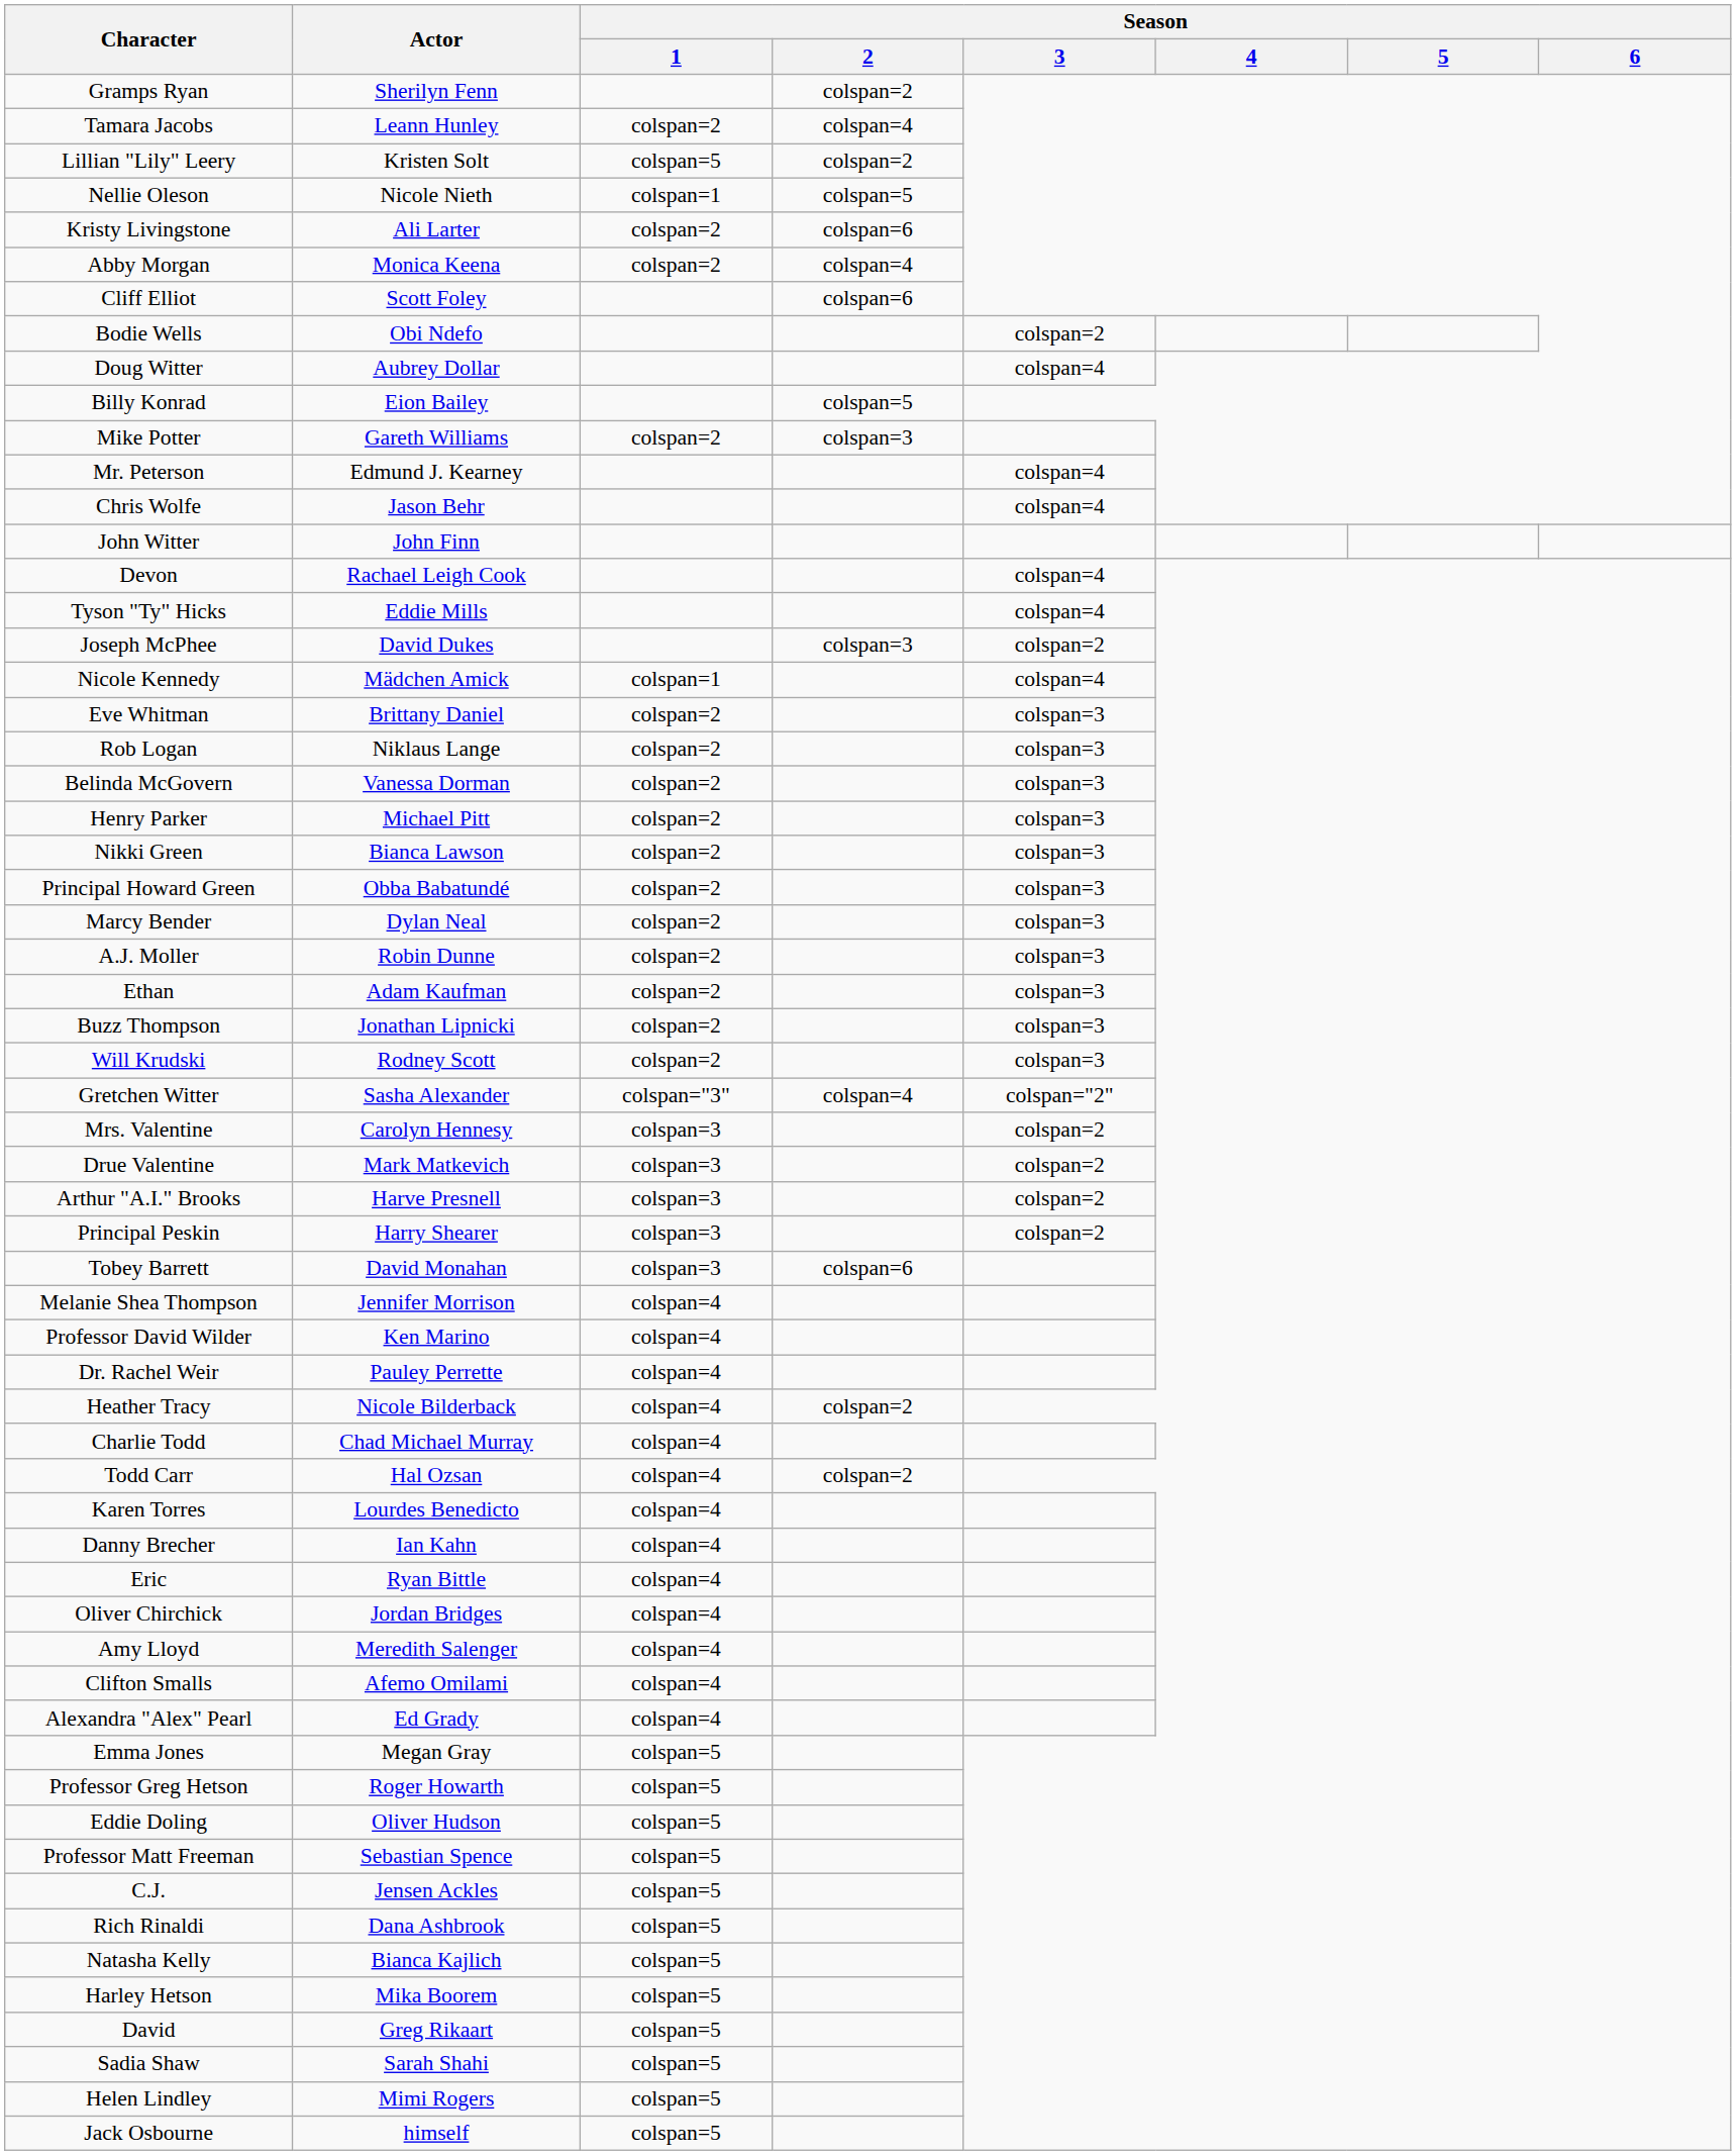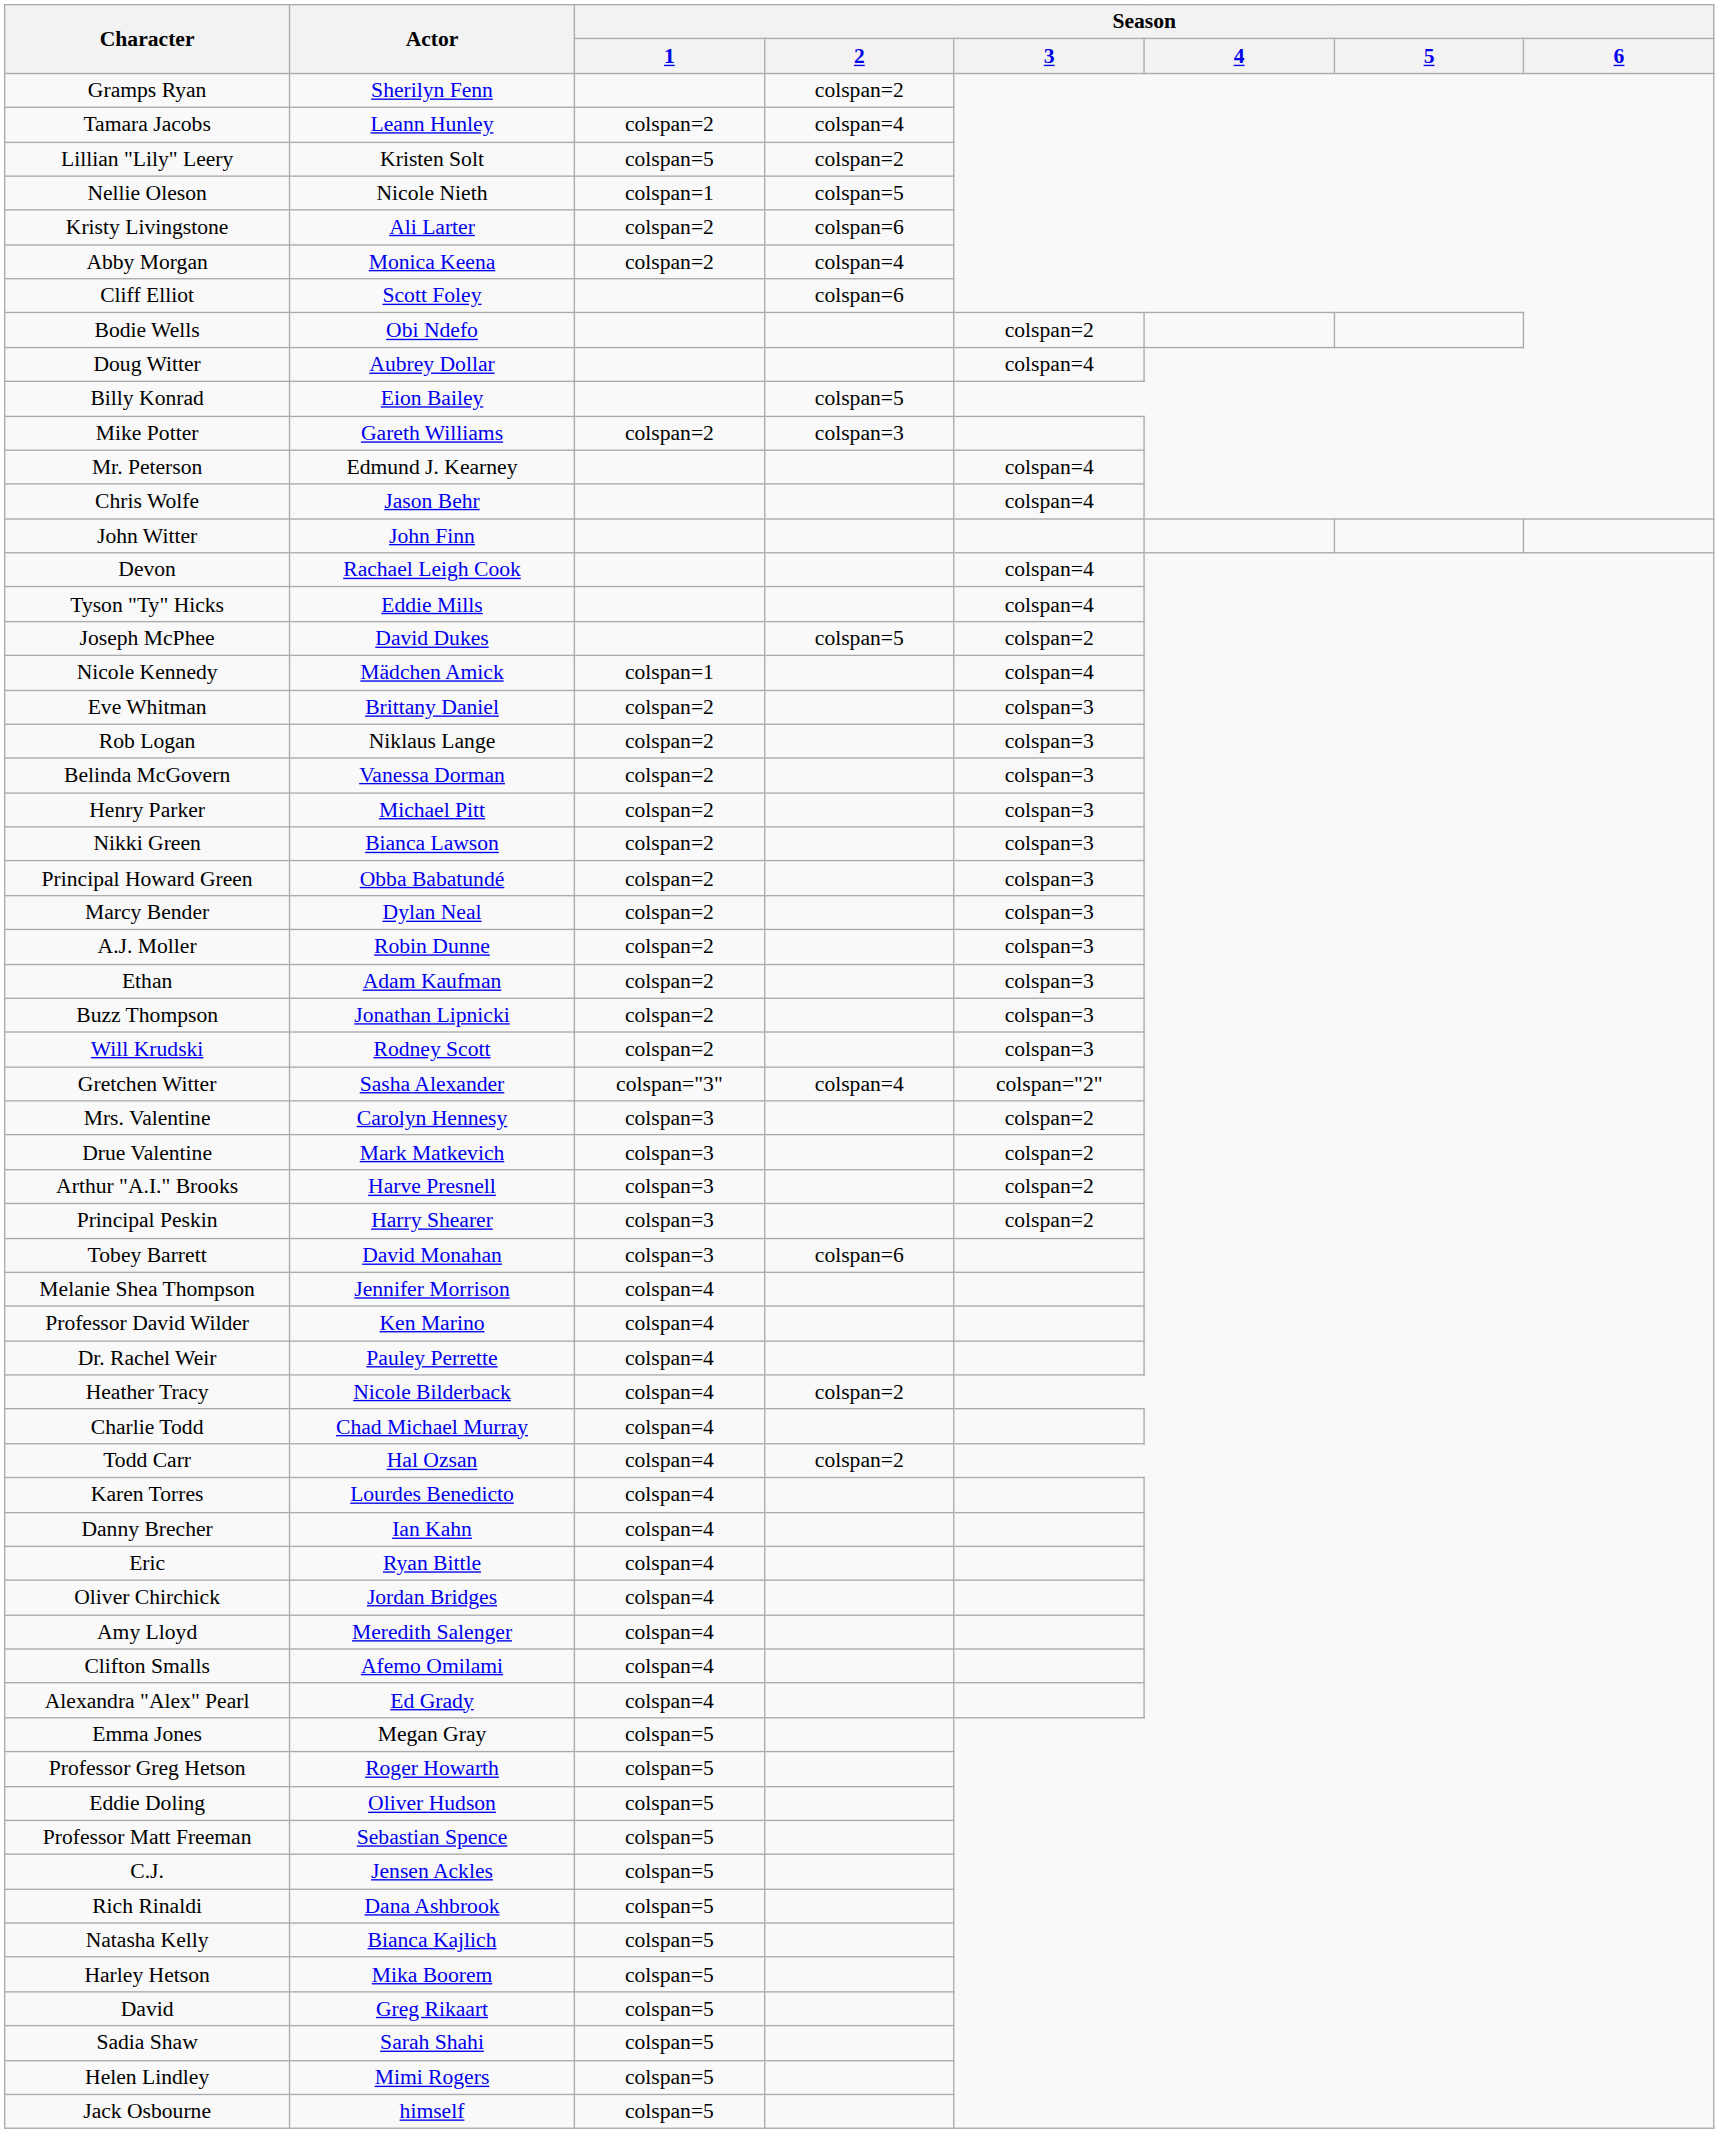 <table class="wikitable" style="text-align:center; width:80%;">
 <tr>
 <th rowspan="2" width="15%">Character</th>
 <th rowspan="2" width="15%">Actor</th>
 <th colspan="6">Season</th>
 </tr>
 <tr>
 <th width="10%"><a href='#'>1</a></th>
 <th width="10%"><a href='#'>2</a></th>
 <th width="10%"><a href='#'>3</a></th>
 <th width="10%"><a href='#'>4</a></th>
 <th width="10%"><a href='#'>5</a></th>
 <th width="10%"><a href='#'>6</a></th>
 </tr>
 <tr>
 <td>Gramps Ryan</td>
 <td><a href='#'>Sherilyn Fenn</a></td>
 <td></td>
 <td>colspan=2 </td>
 </tr>
 <tr>
 <td>Tamara Jacobs</td>
 <td><a href='#'>Leann Hunley</a></td>
 <td>colspan=2 </td>
 <td>colspan=4 </td>
 </tr>
 <tr>
 <td>Lillian "Lily" Leery</td>
 <td>Kristen Solt</td>
 <td>colspan=5 </td>
 <td>colspan=2 </td>
 </tr>
 <tr>
 <td>Nellie Oleson</td>
 <td>Nicole Nieth</td>
 <td>colspan=1 </td>
 <td>colspan=5 </td>
 </tr>
 <tr>
 <td>Kristy Livingstone</td>
 <td><a href='#'>Ali Larter</a></td>
 <td>colspan=2 </td>
 <td>colspan=6 </td>
 </tr>
 <tr>
 <td>Abby Morgan</td>
 <td><a href='#'>Monica Keena</a></td>
 <td>colspan=2 </td>
 <td>colspan=4 </td>
 </tr>
 <tr>
 <td>Cliff Elliot</td>
 <td><a href='#'>Scott Foley</a></td>
 <td></td>
 <td>colspan=6 </td>
 </tr>
 <tr>
 <td>Bodie Wells</td>
 <td><a href='#'>Obi Ndefo</a></td>
 <td></td>
 <td></td>
 <td>colspan=2 </td>
 <td></td>
 <td></td>
 </tr>
 <tr>
 <td>Doug Witter</td>
 <td><a href='#'>Aubrey Dollar</a></td>
 <td></td>
 <td></td>
 <td>colspan=4 </td>
 </tr>
 <tr>
 <td>Billy Konrad</td>
 <td><a href='#'>Eion Bailey</a></td>
 <td></td>
 <td>colspan=5 </td>
 </tr>
 <tr>
 <td>Mike Potter</td>
 <td><a href='#'>Gareth Williams</a></td>
 <td>colspan=2 </td>
 <td>colspan=3 </td>
 <td></td>
 </tr>
 <tr>
 <td>Mr. Peterson</td>
 <td>Edmund J. Kearney</td>
 <td></td>
 <td></td>
 <td>colspan=4 </td>
 </tr>
 <tr>
 <td>Chris Wolfe</td>
 <td><a href='#'>Jason Behr</a></td>
 <td></td>
 <td></td>
 <td>colspan=4 </td>
 </tr>
 <tr>
 <td>John Witter</td>
 <td><a href='#'>John Finn</a></td>
 <td></td>
 <td></td>
 <td></td>
 <td></td>
 <td></td>
 <td></td>
 </tr>
 <tr>
 <td>Devon</td>
 <td><a href='#'>Rachael Leigh Cook</a></td>
 <td></td>
 <td></td>
 <td>colspan=4 </td>
 </tr>
 <tr>
 <td>Tyson "Ty" Hicks</td>
 <td><a href='#'>Eddie Mills</a></td>
 <td></td>
 <td></td>
 <td>colspan=4 </td>
 </tr>
 <tr>
 <td>Joseph McPhee</td>
 <td><a href='#'>David Dukes</a></td>
 <td></td>
-<td>colspan=3 </td>
+<td>colspan=5 </td>
 <td>colspan=2 </td>
 </tr>
 <tr>
 <td>Nicole Kennedy</td>
 <td><a href='#'>Mädchen Amick</a></td>
 <td>colspan=1 </td>
 <td></td>
 <td>colspan=4 </td>
 </tr>
 <tr>
 <td>Eve Whitman</td>
 <td><a href='#'>Brittany Daniel</a></td>
 <td>colspan=2 </td>
 <td></td>
 <td>colspan=3 </td>
 </tr>
 <tr>
 <td>Rob Logan</td>
 <td>Niklaus Lange</td>
 <td>colspan=2 </td>
 <td></td>
 <td>colspan=3 </td>
 </tr>
 <tr>
 <td>Belinda McGovern</td>
 <td><a href='#'>Vanessa Dorman</a></td>
 <td>colspan=2 </td>
 <td></td>
 <td>colspan=3 </td>
 </tr>
 <tr>
 <td>Henry Parker</td>
 <td><a href='#'>Michael Pitt</a></td>
 <td>colspan=2 </td>
 <td></td>
 <td>colspan=3 </td>
 </tr>
 <tr>
 <td>Nikki Green</td>
 <td><a href='#'>Bianca Lawson</a></td>
 <td>colspan=2 </td>
 <td></td>
 <td>colspan=3 </td>
 </tr>
 <tr>
 <td>Principal Howard Green</td>
 <td><a href='#'>Obba Babatundé</a></td>
 <td>colspan=2 </td>
 <td></td>
 <td>colspan=3 </td>
 </tr>
 <tr>
 <td>Marcy Bender</td>
 <td><a href='#'>Dylan Neal</a></td>
 <td>colspan=2 </td>
 <td></td>
 <td>colspan=3 </td>
 </tr>
 <tr>
 <td>A.J. Moller</td>
 <td><a href='#'>Robin Dunne</a></td>
 <td>colspan=2 </td>
 <td></td>
 <td>colspan=3 </td>
 </tr>
 <tr>
 <td>Ethan</td>
 <td><a href='#'>Adam Kaufman</a></td>
 <td>colspan=2 </td>
 <td></td>
 <td>colspan=3 </td>
 </tr>
 <tr>
 <td>Buzz Thompson</td>
 <td><a href='#'>Jonathan Lipnicki</a></td>
 <td>colspan=2 </td>
 <td></td>
 <td>colspan=3 </td>
 </tr>
 <tr>
 <td><a href='#'>Will Krudski</a></td>
 <td><a href='#'>Rodney Scott</a></td>
 <td>colspan=2 </td>
 <td></td>
 <td>colspan=3 </td>
 </tr>
 <tr>
 <td>Gretchen Witter</td>
 <td><a href='#'>Sasha Alexander</a></td>
 <td>colspan="3" </td>
 <td>colspan=4 </td>
 <td>colspan="2" </td>
 </tr>
 <tr>
 <td>Mrs. Valentine</td>
 <td><a href='#'>Carolyn Hennesy</a></td>
 <td>colspan=3 </td>
 <td></td>
 <td>colspan=2 </td>
 </tr>
 <tr>
 <td>Drue Valentine</td>
 <td><a href='#'>Mark Matkevich</a></td>
 <td>colspan=3 </td>
 <td></td>
 <td>colspan=2 </td>
 </tr>
 <tr>
 <td>Arthur "A.I." Brooks</td>
 <td><a href='#'>Harve Presnell</a></td>
 <td>colspan=3 </td>
 <td></td>
 <td>colspan=2 </td>
 </tr>
 <tr>
 <td>Principal Peskin</td>
 <td><a href='#'>Harry Shearer</a></td>
 <td>colspan=3 </td>
 <td></td>
 <td>colspan=2 </td>
 </tr>
 <tr>
 <td>Tobey Barrett</td>
 <td><a href='#'>David Monahan</a></td>
 <td>colspan=3 </td>
 <td>colspan=6 </td>
 <td></td>
 </tr>
 <tr>
 <td>Melanie Shea Thompson</td>
 <td><a href='#'>Jennifer Morrison</a></td>
 <td>colspan=4 </td>
 <td></td>
 <td></td>
 </tr>
 <tr>
 <td>Professor David Wilder</td>
 <td><a href='#'>Ken Marino</a></td>
 <td>colspan=4 </td>
 <td></td>
 <td></td>
 </tr>
 <tr>
 <td>Dr. Rachel Weir</td>
 <td><a href='#'>Pauley Perrette</a></td>
 <td>colspan=4 </td>
 <td></td>
 <td></td>
 </tr>
 <tr>
 <td>Heather Tracy</td>
 <td><a href='#'>Nicole Bilderback</a></td>
 <td>colspan=4 </td>
 <td>colspan=2 </td>
 </tr>
 <tr>
 <td>Charlie Todd</td>
 <td><a href='#'>Chad Michael Murray</a></td>
 <td>colspan=4 </td>
 <td></td>
 <td></td>
 </tr>
 <tr>
 <td>Todd Carr</td>
 <td><a href='#'>Hal Ozsan</a></td>
 <td>colspan=4 </td>
 <td>colspan=2 </td>
 </tr>
 <tr>
 <td>Karen Torres</td>
 <td><a href='#'>Lourdes Benedicto</a></td>
 <td>colspan=4 </td>
 <td></td>
 <td></td>
 </tr>
 <tr>
 <td>Danny Brecher</td>
 <td><a href='#'>Ian Kahn</a></td>
 <td>colspan=4 </td>
 <td></td>
 <td></td>
 </tr>
 <tr>
 <td>Eric</td>
 <td><a href='#'>Ryan Bittle</a></td>
 <td>colspan=4 </td>
 <td></td>
 <td></td>
 </tr>
 <tr>
 <td>Oliver Chirchick</td>
 <td><a href='#'>Jordan Bridges</a></td>
 <td>colspan=4 </td>
 <td></td>
 <td></td>
 </tr>
 <tr>
 <td>Amy Lloyd</td>
 <td><a href='#'>Meredith Salenger</a></td>
 <td>colspan=4 </td>
 <td></td>
 <td></td>
 </tr>
 <tr>
 <td>Clifton Smalls</td>
 <td><a href='#'>Afemo Omilami</a></td>
 <td>colspan=4 </td>
 <td></td>
 <td></td>
 </tr>
 <tr>
 <td>Alexandra "Alex" Pearl</td>
 <td><a href='#'>Ed Grady</a></td>
 <td>colspan=4 </td>
 <td></td>
 <td></td>
 </tr>
 <tr>
 <td>Emma Jones</td>
 <td>Megan Gray</td>
 <td>colspan=5 </td>
 <td></td>
 </tr>
 <tr>
 <td>Professor Greg Hetson</td>
 <td><a href='#'>Roger Howarth</a></td>
 <td>colspan=5 </td>
 <td></td>
 </tr>
 <tr>
 <td>Eddie Doling</td>
 <td><a href='#'>Oliver Hudson</a></td>
 <td>colspan=5 </td>
 <td></td>
 </tr>
 <tr>
 <td>Professor Matt Freeman</td>
 <td><a href='#'>Sebastian Spence</a></td>
 <td>colspan=5 </td>
 <td></td>
 </tr>
 <tr>
 <td>C.J.</td>
 <td><a href='#'>Jensen Ackles</a></td>
 <td>colspan=5 </td>
 <td></td>
 </tr>
 <tr>
 <td>Rich Rinaldi</td>
 <td><a href='#'>Dana Ashbrook</a></td>
 <td>colspan=5 </td>
 <td></td>
 </tr>
 <tr>
 <td>Natasha Kelly</td>
 <td><a href='#'>Bianca Kajlich</a></td>
 <td>colspan=5 </td>
 <td></td>
 </tr>
 <tr>
 <td>Harley Hetson</td>
 <td><a href='#'>Mika Boorem</a></td>
 <td>colspan=5 </td>
 <td></td>
 </tr>
 <tr>
 <td>David</td>
 <td><a href='#'>Greg Rikaart</a></td>
 <td>colspan=5 </td>
 <td></td>
 </tr>
 <tr>
 <td>Sadia Shaw</td>
 <td><a href='#'>Sarah Shahi</a></td>
 <td>colspan=5 </td>
 <td></td>
 </tr>
 <tr>
 <td>Helen Lindley</td>
 <td><a href='#'>Mimi Rogers</a></td>
 <td>colspan=5 </td>
 <td></td>
 </tr>
 <tr>
 <td>Jack Osbourne</td>
 <td><a href='#'>himself</a></td>
 <td>colspan=5 </td>
 <td></td>
 </tr>
 </table>
